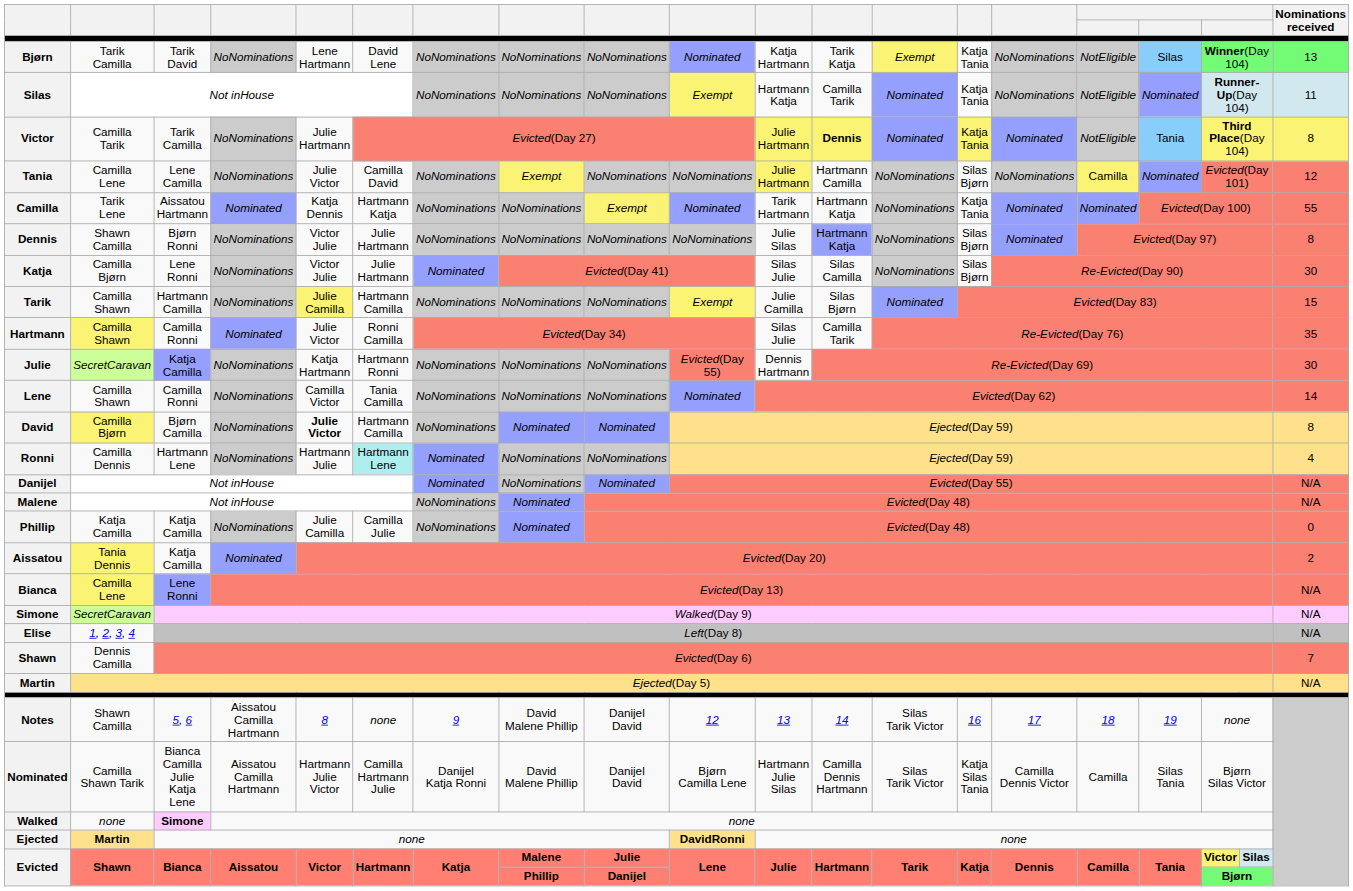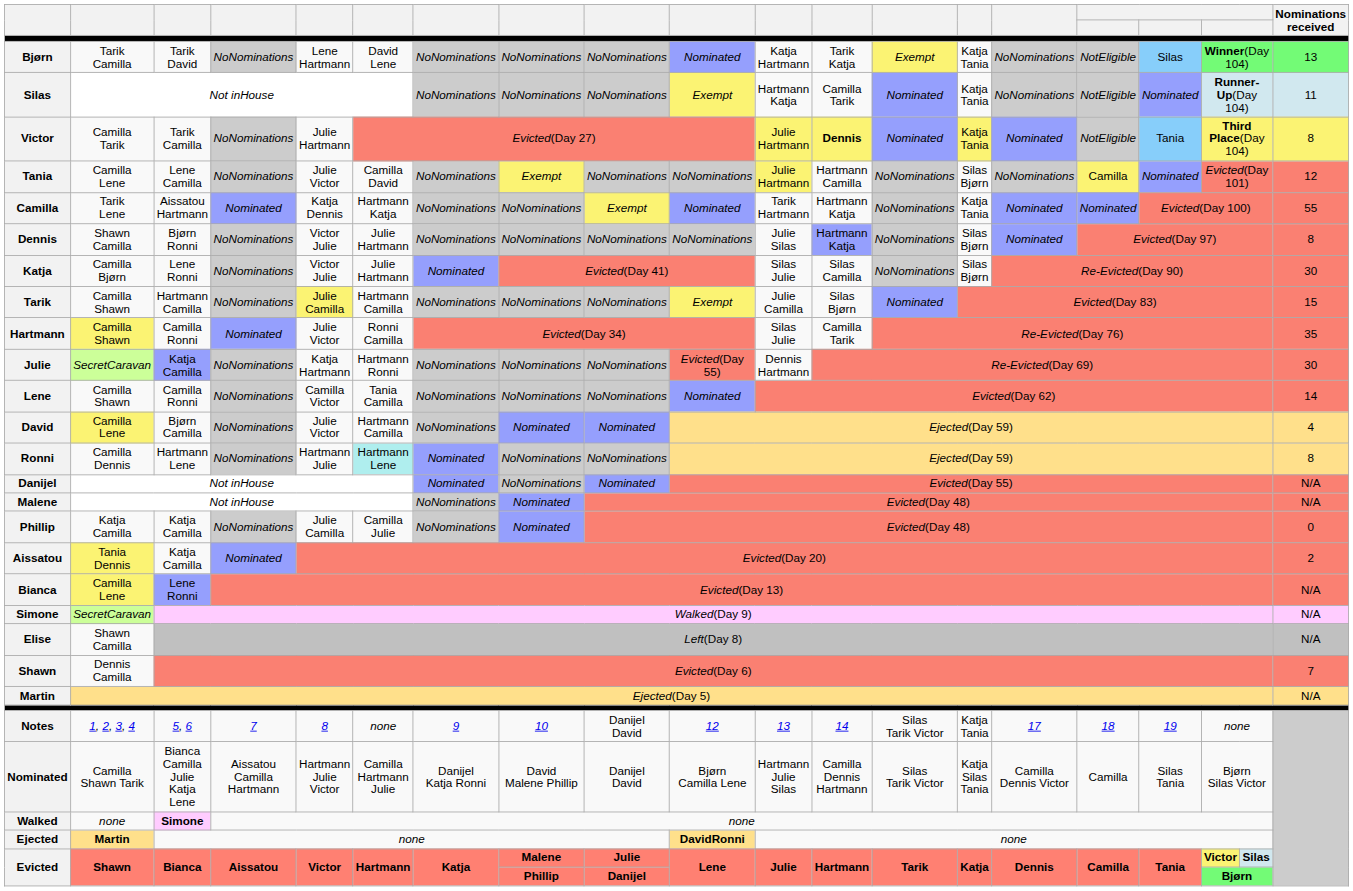 <table class="wikitable" style="text-align:center; width:auto; font-size:85%; line-height:15px;">
 <tr>
 <th rowspan="2" style="width: 5%;"></th>
 <th rowspan="2" style="width: 5%;"></th>
 <th rowspan="2" style="width: 5%;"></th>
 <th rowspan="2" style="width: 5%;"></th>
 <th rowspan="2" style="width: 5%;"></th>
 <th rowspan="2" style="width: 5%;"></th>
 <th rowspan="2" style="width: 5%;"></th>
 <th rowspan="2" style="width: 5%;"></th>
 <th rowspan="2" style="width: 5%;"></th>
 <th rowspan="2" style="width: 5%;"></th>
 <th rowspan="2" style="width: 5%;"></th>
 <th rowspan="2" style="width: 5%;"></th>
 <th rowspan="2" style="width: 5%;"></th>
 <th rowspan="2" style="width: 5%;"></th>
 <th rowspan="2" style="width: 5%;"></th>
 <th colspan="4" style="width: 5%;"></th>
 <th rowspan="2" style="width: 5%;">Nominations<br>received</th>
 </tr>
 <tr>
 <th style="width: 5%;"></th>
 <th style="width: 5%;"></th>
 <th colspan="2" style="width: 5%;"></th>
 </tr>
 <tr>
 <td colspan="20" bgcolor="black"></td>
 </tr>
 <tr>
 <th>Bjørn</th>
 <td>Tarik<br>Camilla</td>
 <td>Tarik<br>David</td>
 <td style="background:#CCCCCC;"><em>NoNominations</em></td>
 <td>Lene<br>Hartmann</td>
 <td>David<br>Lene</td>
 <td style="background:#CCCCCC;"><em>NoNominations</em></td>
 <td style="background:#CCCCCC;"><em>NoNominations</em></td>
 <td style="background:#CCCCCC;"><em>NoNominations</em></td>
 <td style="background:#959FFD;"><em>Nominated</em></td>
 <td>Katja<br>Hartmann</td>
 <td>Tarik<br>Katja</td>
 <td style="background:#FBF373"><em>Exempt</em></td>
 <td>Katja<br>Tania</td>
 <td style="background:#CCCCCC;"><em>NoNominations</em></td>
 <td style="background:#CCCCCC;"><em>NotEligible</em></td>
 <td style="background:#87CEFA">Silas<br></td>
 <td colspan="2" style="background:#73FB76;;"><strong>Winner</strong>(Day 104)</td>
 <td style="background:#73FB76;;">13</td>
 </tr>
 <tr>
 <th>Silas</th>
 <td colspan="5" style="background:#FFFFFF"><em>Not inHouse</em></td>
 <td style="background:#CCCCCC;"><em>NoNominations</em></td>
 <td style="background:#CCCCCC;"><em>NoNominations</em></td>
 <td style="background:#CCCCCC;"><em>NoNominations</em></td>
 <td style="background:#FBF373"><em>Exempt</em></td>
 <td>Hartmann<br>Katja</td>
 <td>Camilla<br>Tarik</td>
 <td style="background:#959FFD;"><em>Nominated</em></td>
 <td>Katja<br>Tania</td>
 <td style="background:#CCCCCC;"><em>NoNominations</em></td>
 <td style="background:#CCCCCC;"><em>NotEligible</em></td>
 <td style="background:#959FFD;"><em>Nominated</em></td>
 <td colspan="2" style="background:#D1E8EF;;"><strong>Runner-Up</strong>(Day 104)</td>
 <td style="background:#D1E8EF;;">11</td>
 </tr>
 <tr>
 <th>Victor</th>
 <td>Camilla<br>Tarik</td>
 <td>Tarik<br>Camilla</td>
 <td style="background:#CCCCCC;"><em>NoNominations</em></td>
 <td>Julie<br>Hartmann</td>
 <td colspan="5" style="background:#FA8072;"><em>Evicted</em>(Day 27)</td>
 <td style="background:#FBF373">Julie<br>Hartmann</td>
 <td style="background:#FBF373"><strong>Dennis</strong></td>
 <td style="background:#959FFD;"><em>Nominated</em></td>
 <td style="background:#FBF373">Katja<br>Tania</td>
 <td style="background:#959FFD;"><em>Nominated</em></td>
 <td style="background:#CCCCCC;"><em>NotEligible</em></td>
 <td style="background:#87CEFA">Tania<br></td>
 <td colspan="2" style="background:#FBF373;;"><strong>Third Place</strong>(Day 104)</td>
 <td style="background:#FBF373;;">8</td>
 </tr>
 <tr>
 <th>Tania</th>
 <td>Camilla<br>Lene</td>
 <td>Lene<br>Camilla</td>
 <td style="background:#CCCCCC;"><em>NoNominations</em></td>
 <td>Julie<br>Victor</td>
 <td>Camilla<br>David</td>
 <td style="background:#CCCCCC;"><em>NoNominations</em></td>
 <td style="background:#FBF373"><em>Exempt</em></td>
 <td style="background:#CCCCCC;"><em>NoNominations</em></td>
 <td style="background:#CCCCCC;"><em>NoNominations</em></td>
 <td style="background:#FBF373">Julie<br>Hartmann</td>
 <td>Hartmann<br>Camilla</td>
 <td style="background:#CCCCCC;"><em>NoNominations</em></td>
 <td>Silas<br>Bjørn</td>
 <td style="background:#CCCCCC;"><em>NoNominations</em></td>
 <td style="background:#FBF373">Camilla<br></td>
 <td style="background:#959FFD;"><em>Nominated</em></td>
 <td colspan="2" style="background:#FA8072;"><em>Evicted</em>(Day 101)</td>
 <td style="background:#FA8072;">12</td>
 </tr>
 <tr>
 <th>Camilla</th>
 <td>Tarik<br>Lene</td>
 <td>Aissatou<br>Hartmann</td>
 <td style="background:#959FFD;"><em>Nominated</em></td>
 <td>Katja<br>Dennis</td>
 <td>Hartmann<br>Katja</td>
 <td style="background:#CCCCCC;"><em>NoNominations</em></td>
 <td style="background:#CCCCCC;"><em>NoNominations</em></td>
 <td style="background:#FBF373"><em>Exempt</em></td>
 <td style="background:#959FFD;"><em>Nominated</em></td>
 <td>Tarik<br>Hartmann</td>
 <td>Hartmann<br>Katja</td>
 <td style="background:#CCCCCC;"><em>NoNominations</em></td>
 <td>Katja<br>Tania</td>
 <td style="background:#959FFD;"><em>Nominated</em></td>
 <td style="background:#959FFD;"><em>Nominated</em></td>
 <td colspan="3" style="background:#FA8072;"><em>Evicted</em>(Day 100)</td>
 <td style="background:#FA8072;">55</td>
 </tr>
 <tr>
 <th>Dennis</th>
 <td>Shawn<br>Camilla</td>
 <td>Bjørn<br>Ronni</td>
 <td style="background:#CCCCCC;"><em>NoNominations</em></td>
 <td>Victor<br>Julie</td>
 <td>Julie<br>Hartmann</td>
 <td style="background:#CCCCCC;"><em>NoNominations</em></td>
 <td style="background:#CCCCCC;"><em>NoNominations</em></td>
 <td style="background:#CCCCCC;"><em>NoNominations</em></td>
 <td style="background:#CCCCCC;"><em>NoNominations</em></td>
 <td>Julie<br>Silas</td>
 <td style="background:#959FFD;">Hartmann<br>Katja</td>
 <td style="background:#CCCCCC;"><em>NoNominations</em></td>
 <td>Silas<br>Bjørn</td>
 <td style="background:#959FFD;"><em>Nominated</em></td>
 <td colspan="4" style="background:#FA8072;"><em>Evicted</em>(Day 97)</td>
 <td style="background:#FA8072;">8</td>
 </tr>
 <tr>
 <th>Katja</th>
 <td>Camilla<br>Bjørn</td>
 <td>Lene<br>Ronni</td>
 <td style="background:#CCCCCC;"><em>NoNominations</em></td>
 <td>Victor<br>Julie</td>
 <td>Julie<br>Hartmann</td>
 <td style="background:#959FFD;"><em>Nominated</em></td>
 <td colspan="3" style="background:#FA8072;"><em>Evicted</em>(Day 41)</td>
 <td>Silas<br>Julie</td>
 <td>Silas<br>Camilla</td>
 <td style="background:#CCCCCC;"><em>NoNominations</em></td>
 <td>Silas<br>Bjørn</td>
 <td colspan="5" style="background:#FA8072;"><em>Re-Evicted</em>(Day 90)</td>
 <td style="background:#FA8072;">30</td>
 </tr>
 <tr>
 <th>Tarik</th>
 <td>Camilla<br>Shawn</td>
 <td>Hartmann<br>Camilla</td>
 <td style="background:#CCCCCC;"><em>NoNominations</em></td>
 <td style="background:#FBF373">Julie<br>Camilla</td>
 <td>Hartmann<br>Camilla</td>
 <td style="background:#CCCCCC;"><em>NoNominations</em></td>
 <td style="background:#CCCCCC;"><em>NoNominations</em></td>
 <td style="background:#CCCCCC;"><em>NoNominations</em></td>
 <td style="background:#FBF373"><em>Exempt</em></td>
 <td>Julie<br>Camilla</td>
 <td>Silas<br>Bjørn</td>
 <td style="background:#959FFD;"><em>Nominated</em></td>
 <td colspan="6" style="background:#FA8072;"><em>Evicted</em>(Day 83)</td>
 <td style="background:#FA8072;">15</td>
 </tr>
 <tr>
 <th>Hartmann</th>
 <td style="background:#FBF373">Camilla<br>Shawn</td>
 <td>Camilla<br>Ronni</td>
 <td style="background:#959FFD;"><em>Nominated</em></td>
 <td>Julie<br>Victor</td>
 <td>Ronni<br>Camilla</td>
 <td colspan="4" style="background:#FA8072;"><em>Evicted</em>(Day 34)</td>
 <td>Silas<br>Julie</td>
 <td>Camilla<br>Tarik</td>
 <td colspan="7" style="background:#FA8072;"><em>Re-Evicted</em>(Day 76)</td>
 <td style="background:#FA8072;">35</td>
 </tr>
 <tr>
 <th>Julie</th>
 <td style="background:#CCFF99"><em>SecretCaravan</em></td>
 <td style="background:#959FFD;">Katja<br>Camilla</td>
 <td style="background:#CCCCCC;"><em>NoNominations</em></td>
 <td>Katja<br>Hartmann</td>
 <td>Hartmann<br>Ronni</td>
 <td style="background:#CCCCCC;"><em>NoNominations</em></td>
 <td style="background:#CCCCCC;"><em>NoNominations</em></td>
 <td style="background:#CCCCCC;"><em>NoNominations</em></td>
 <td style="background:#FA8072;"><em>Evicted</em>(Day 55)</td>
 <td>Dennis<br>Hartmann</td>
 <td colspan="8" style="background:#FA8072;"><em>Re-Evicted</em>(Day 69)</td>
 <td style="background:#FA8072;">30</td>
 </tr>
 <tr>
 <th>Lene</th>
 <td>Camilla<br>Shawn</td>
 <td>Camilla<br>Ronni</td>
 <td style="background:#CCCCCC;"><em>NoNominations</em></td>
 <td>Camilla<br>Victor</td>
 <td>Tania<br>Camilla</td>
 <td style="background:#CCCCCC;"><em>NoNominations</em></td>
 <td style="background:#CCCCCC;"><em>NoNominations</em></td>
 <td style="background:#CCCCCC;"><em>NoNominations</em></td>
 <td style="background:#959FFD;"><em>Nominated</em></td>
 <td colspan="9" style="background:#FA8072;"><em>Evicted</em>(Day 62)</td>
 <td style="background:#FA8072;">14</td>
 </tr>
 <tr>
 <th>David</th>
-<td style="background:#FBF373">Camilla<br>Bjørn</td>
+<td style="background:#FBF373">Camilla<br>Lene</td>
 <td>Bjørn<br>Camilla</td>
 <td style="background:#CCCCCC;"><em>NoNominations</em></td>
-<td><strong>Julie<br>Victor</strong></td>
+<td>Julie<br>Victor</td>
 <td>Hartmann<br>Camilla</td>
 <td style="background:#CCCCCC;"><em>NoNominations</em></td>
 <td style="background:#959FFD;"><em>Nominated</em></td>
 <td style="background:#959FFD;"><em>Nominated</em></td>
 <td colspan="10" style="background-color: #FFE08B;"><em>Ejected</em>(Day 59)</td>
-<td style="background-color: #FFE08B;">8</td>
+<td style="background-color: #FFE08B;">4</td>
 </tr>
 <tr>
 <th>Ronni</th>
 <td>Camilla<br>Dennis</td>
 <td>Hartmann<br>Lene</td>
 <td style="background:#CCCCCC;"><em>NoNominations</em></td>
 <td>Hartmann<br>Julie</td>
 <td style="background: paleturquoise;">Hartmann<br>Lene</td>
 <td style="background:#959FFD;"><em>Nominated</em></td>
 <td style="background:#CCCCCC;"><em>NoNominations</em></td>
 <td style="background:#CCCCCC;"><em>NoNominations</em></td>
 <td colspan="10" style="background-color: #FFE08B;"><em>Ejected</em>(Day 59)</td>
-<td style="background-color: #FFE08B;">4</td>
+<td style="background-color: #FFE08B;">8</td>
 </tr>
 <tr>
 <th>Danijel</th>
 <td colspan="5" style="background:#FFFFFF"><em>Not inHouse</em></td>
 <td style="background:#959FFD;"><em>Nominated</em></td>
 <td style="background:#CCCCCC;"><em>NoNominations</em></td>
 <td style="background:#959FFD;"><em>Nominated</em></td>
 <td colspan="10" style="background:#FA8072;"><em>Evicted</em>(Day 55)</td>
 <td style="background:#FA8072;">N/A</td>
 </tr>
 <tr>
 <th>Malene</th>
 <td colspan="5" style="background:#FFFFFF"><em>Not inHouse</em></td>
 <td style="background:#CCCCCC;"><em>NoNominations</em></td>
 <td style="background:#959FFD;"><em>Nominated</em></td>
 <td colspan="11" style="background:#FA8072;"><em>Evicted</em>(Day 48)</td>
 <td style="background:#FA8072;">N/A</td>
 </tr>
 <tr>
 <th>Phillip</th>
 <td>Katja<br>Camilla</td>
 <td>Katja<br>Camilla</td>
 <td style="background:#CCCCCC;"><em>NoNominations</em></td>
 <td>Julie<br>Camilla</td>
 <td>Camilla<br>Julie</td>
 <td style="background:#CCCCCC;"><em>NoNominations</em></td>
 <td style="background:#959FFD;"><em>Nominated</em></td>
 <td colspan="11" style="background:#FA8072;"><em>Evicted</em>(Day 48)</td>
 <td style="background:#FA8072;">0</td>
 </tr>
 <tr>
 <th>Aissatou</th>
 <td style="background:#FBF373">Tania<br>Dennis</td>
 <td>Katja<br>Camilla</td>
 <td style="background:#959FFD;"><em>Nominated</em></td>
 <td colspan="15" style="background:#FA8072;"><em>Evicted</em>(Day 20)</td>
 <td style="background:#FA8072;">2</td>
 </tr>
 <tr>
 <th>Bianca</th>
 <td style="background:#FBF373">Camilla<br>Lene</td>
 <td style="background:#959FFD;">Lene<br>Ronni</td>
 <td colspan="16" style="background:#FA8072;"><em>Evicted</em>(Day 13)</td>
 <td style="background:#FA8072;">N/A</td>
 </tr>
 <tr>
 <th>Simone</th>
 <td style="background:#CCFF99"><em>SecretCaravan</em></td>
 <td colspan="17" style="background:#FFCCFF;"><em>Walked</em>(Day 9)</td>
 <td style="background:#FFCCFF;">N/A</td>
 </tr>
 <tr>
 <th>Elise</th>
-<td><em><a href='#'>1</a>, <a href='#'>2</a>, <a href='#'>3</a>, <a href='#'>4</a></em></td>
+<td>Shawn<br>Camilla</td>
 <td colspan="17" style="background:#C0C0C0"><em>Left</em>(Day 8)</td>
 <td style="background:#C0C0C0">N/A</td>
 </tr>
 <tr>
 <th>Shawn</th>
 <td>Dennis<br>Camilla</td>
 <td colspan="17" style="background:#FA8072;"><em>Evicted</em>(Day 6)</td>
 <td style="background:#FA8072;">7</td>
 </tr>
 <tr>
 <th>Martin</th>
 <td colspan="18" style="background-color: #FFE08B;"><em>Ejected</em>(Day 5)</td>
 <td style="background-color: #FFE08B;">N/A</td>
 </tr>
 <tr>
 <th colspan="20" style="background-color: black;"></th>
 </tr>
 <tr>
 <th>Notes</th>
-<td>Shawn<br>Camilla</td>
+<td><em><a href='#'>1</a>, <a href='#'>2</a>, <a href='#'>3</a>, <a href='#'>4</a></em></td>
 <td><em><a href='#'>5</a>, <a href='#'>6</a></em></td>
-<td>Aissatou<br>Camilla Hartmann</td>
+<td><em><a href='#'>7</a></em></td>
 <td><em><a href='#'>8</a></em></td>
 <td><em>none</em></td>
 <td><em><a href='#'>9</a></em></td>
-<td>David<br>Malene Phillip</td>
+<td><em><a href='#'>10</a></em></td>
 <td>Danijel<br>David</td>
 <td><em><a href='#'>12</a></em></td>
 <td><em><a href='#'>13</a></em></td>
 <td><em><a href='#'>14</a></em></td>
 <td>Silas<br>Tarik Victor</td>
-<td><em><a href='#'>16</a></em></td>
+<td>Katja<br>Tania</td>
 <td><em><a href='#'>17</a></em></td>
 <td><em><a href='#'>18</a></em></td>
 <td><em><a href='#'>19</a></em></td>
 <td colspan="2"><em>none</em></td>
 <td rowspan="6" style="background:#ccc;"></td>
 </tr>
 <tr>
 <th>Nominated</th>
 <td>Camilla<br>Shawn Tarik</td>
 <td>Bianca<br>Camilla Julie Katja Lene</td>
 <td>Aissatou<br>Camilla Hartmann</td>
 <td>Hartmann<br>Julie Victor</td>
 <td>Camilla<br>Hartmann Julie</td>
 <td>Danijel<br>Katja Ronni</td>
 <td>David<br>Malene Phillip</td>
 <td>Danijel<br>David</td>
 <td>Bjørn<br>Camilla Lene</td>
 <td>Hartmann<br>Julie Silas</td>
 <td>Camilla<br>Dennis Hartmann</td>
 <td>Silas<br>Tarik Victor</td>
 <td>Katja<br>Silas Tania</td>
 <td>Camilla<br>Dennis Victor</td>
 <td>Camilla</td>
 <td>Silas<br>Tania</td>
 <td colspan="2">Bjørn<br>Silas Victor</td>
 </tr>
 <tr>
 <th>Walked</th>
 <td><em>none</em></td>
 <td style="background:#FFCCFF;"><strong>Simone</strong></td>
 <td colspan="16"><em>none</em></td>
 </tr>
 <tr>
 <th>Ejected</th>
 <td style="background:#FFE08B;"><strong>Martin</strong></td>
 <td colspan="7"><em>none</em></td>
 <td style="background:#FFE08B;"><strong>DavidRonni</strong></td>
 <td colspan="9"><em>none</em></td>
 </tr>
 <tr>
 <th rowspan="2">Evicted</th>
 <td rowspan="2" bgcolor="#FF8072"><strong>Shawn</strong></td>
 <td rowspan="2" bgcolor="#FF8072"><strong>Bianca</strong></td>
 <td rowspan="2" bgcolor="#FF8072"><strong>Aissatou</strong></td>
 <td rowspan="2" bgcolor="#FF8072"><strong>Victor</strong></td>
 <td rowspan="2" bgcolor="#FF8072"><strong>Hartmann</strong></td>
 <td rowspan="2" bgcolor="#FF8072"><strong>Katja</strong></td>
 <td bgcolor="#FF8072"><strong>Malene</strong></td>
 <td bgcolor="#FF8072"><strong>Julie</strong></td>
 <td rowspan="2" bgcolor="#FF8072"><strong>Lene</strong></td>
 <td rowspan="2" bgcolor="#FF8072"><strong>Julie</strong></td>
 <td rowspan="2" bgcolor="#FF8072"><strong>Hartmann</strong></td>
 <td rowspan="2" bgcolor="#FF8072"><strong>Tarik</strong></td>
 <td rowspan="2" bgcolor="#FF8072"><strong>Katja</strong></td>
 <td rowspan="2" bgcolor="#FF8072"><strong>Dennis</strong></td>
 <td rowspan="2" bgcolor="#FF8072"><strong>Camilla</strong></td>
 <td rowspan="2" bgcolor="#FF8072"><strong>Tania</strong></td>
 <td bgcolor="FBF373"><strong>Victor</strong></td>
 <td bgcolor="#D1E8EF"><strong>Silas</strong></td>
 </tr>
 <tr>
 <td bgcolor="#FF8072"><strong>Phillip</strong></td>
 <td bgcolor="#FF8072"><strong>Danijel</strong></td>
 <td colspan="2" bgcolor="#73FB76"><strong>Bjørn</strong></td>
 </tr>
 </table>
